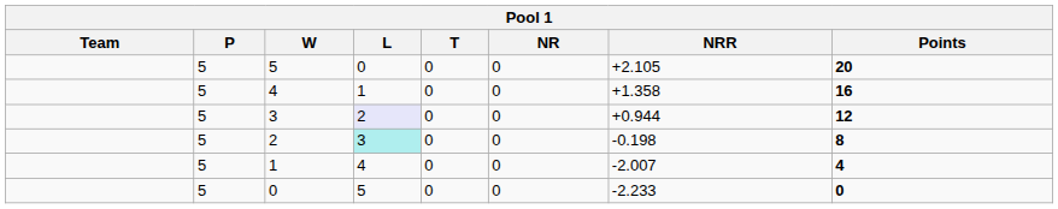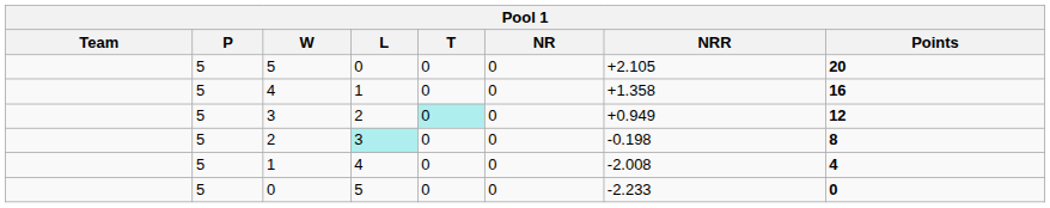 <table class="wikitable" style="width:85%;">
 <tr>
 <th colspan="8">Pool 1</th>
 </tr>
 <tr>
 <th>Team</th>
 <th>P</th>
 <th>W</th>
 <th>L</th>
 <th>T</th>
 <th>NR</th>
 <th>NRR</th>
 <th>Points</th>
 </tr>
 <tr>
 <td align=left></td>
 <td>5</td>
 <td>5</td>
 <td>0</td>
 <td>0</td>
 <td>0</td>
 <td>+2.105</td>
 <td><strong>20</strong></td>
 </tr>
 <tr>
 <td align=left></td>
 <td>5</td>
 <td>4</td>
 <td>1</td>
 <td>0</td>
 <td>0</td>
 <td>+1.358</td>
 <td><strong>16</strong></td>
 </tr>
 <tr>
 <td align=left></td>
 <td>5</td>
 <td>3</td>
-<td style="background: lavender;">2</td>
+<td>2</td>
+<td style="background: paleturquoise;">0</td>
 <td>0</td>
-<td>0</td>
-<td>+0.944</td>
+<td>+0.949</td>
 <td><strong>12</strong></td>
 </tr>
 <tr>
 <td align=left></td>
 <td>5</td>
 <td>2</td>
 <td style="background: paleturquoise;">3</td>
 <td>0</td>
 <td>0</td>
 <td>-0.198</td>
 <td><strong>8</strong></td>
 </tr>
 <tr>
 <td align=left></td>
 <td>5</td>
 <td>1</td>
 <td>4</td>
 <td>0</td>
 <td>0</td>
-<td>-2.007</td>
+<td>-2.008</td>
 <td><strong>4</strong></td>
 </tr>
 <tr>
 <td align=left></td>
 <td>5</td>
 <td>0</td>
 <td>5</td>
 <td>0</td>
 <td>0</td>
 <td>-2.233</td>
 <td><strong>0</strong></td>
 </tr>
 </table>
